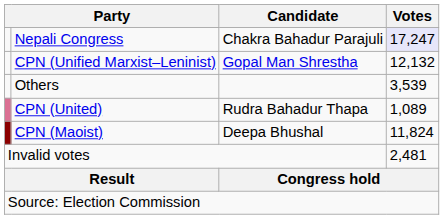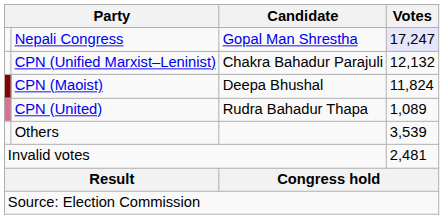 <table class="wikitable">
 <tr>
 <th colspan="2">Party</th>
 <th>Candidate</th>
 <th>Votes</th>
 </tr>
 <tr>
 <td style="background-color:"></td>
 <td><a href='#'>Nepali Congress</a></td>
-<td>Chakra Bahadur Parajuli</td>
+<td><a href='#'>Gopal Man Shrestha</a></td>
 <td style="background: lavender;">17,247</td>
 </tr>
 <tr>
 <td style="background-color:"></td>
 <td><a href='#'>CPN (Unified Marxist–Leninist)</a></td>
-<td><a href='#'>Gopal Man Shrestha</a></td>
+<td>Chakra Bahadur Parajuli</td>
 <td>12,132</td>
 </tr>
 <tr>
-<td></td>
-<td>Others</td>
-<td></td>
-<td>3,539</td>
+<td style="background-color:darkred"></td>
+<td><a href='#'>CPN (Maoist)</a></td>
+<td>Deepa Bhushal</td>
+<td>11,824</td>
 </tr>
 <tr>
 <td style="background-color:palevioletred"></td>
 <td><a href='#'>CPN (United)</a></td>
 <td>Rudra Bahadur Thapa</td>
 <td>1,089</td>
 </tr>
 <tr>
-<td style="background-color:darkred"></td>
-<td><a href='#'>CPN (Maoist)</a></td>
-<td>Deepa Bhushal</td>
-<td>11,824</td>
+<td></td>
+<td>Others</td>
+<td></td>
+<td>3,539</td>
 </tr>
 <tr>
 <td colspan="3">Invalid votes</td>
 <td>2,481</td>
 </tr>
 <tr>
 <th colspan="2">Result</th>
 <th colspan="2">Congress hold</th>
 </tr>
 <tr>
 <td colspan="4">Source: Election Commission</td>
 </tr>
 </table>
